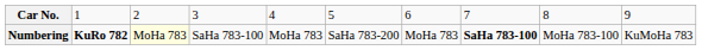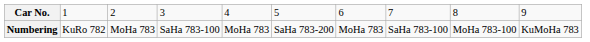 <table class="wikitable">
 <tr>
 <th>Car No.</th>
 <td>1</td>
 <td>2</td>
 <td>3</td>
 <td>4</td>
 <td>5</td>
 <td>6</td>
 <td>7</td>
 <td>8</td>
 <td>9</td>
 </tr>
 <tr>
 <th>Numbering</th>
-<td><strong>KuRo 782</strong></td>
-<td style="background: lightyellow;">MoHa 783</td>
+<td>KuRo 782</td>
+<td>MoHa 783</td>
 <td>SaHa 783-100</td>
 <td>MoHa 783</td>
 <td>SaHa 783-200</td>
 <td>MoHa 783</td>
-<td><strong>SaHa 783-100</strong></td>
+<td>SaHa 783-100</td>
 <td>MoHa 783-100</td>
 <td>KuMoHa 783</td>
 </tr>
 </table>
